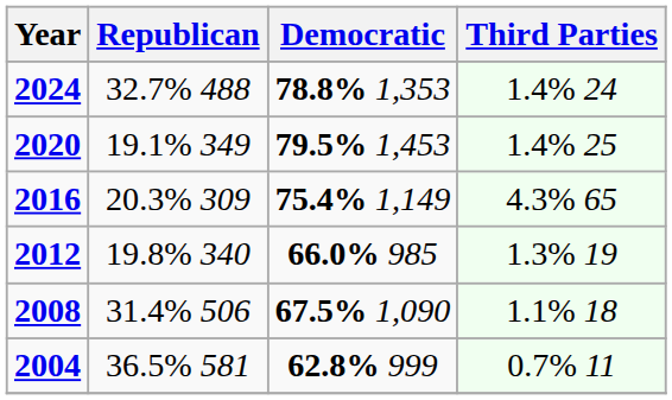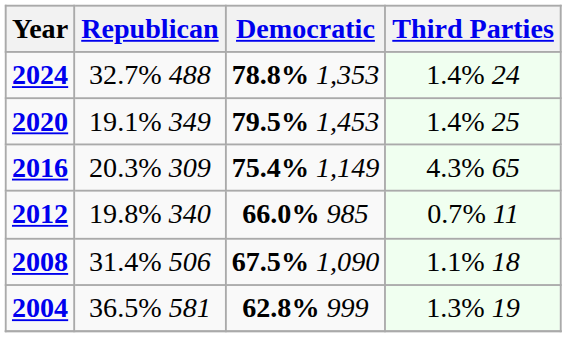 <table class="wikitable" style="float:right; font-size:95%;">
 <tr bgcolor=lightgrey>
 <th>Year</th>
 <th><a href='#'>Republican</a></th>
 <th><a href='#'>Democratic</a></th>
 <th><a href='#'>Third Parties</a></th>
 </tr>
 <tr>
 <td style="text-align:center; "><strong><a href='#'>2024</a></strong></td>
 <td style="text-align:center; ">32.7% <em>488</em></td>
 <td style="text-align:center; "><strong>78.8%</strong>  <em>1,353</em></td>
 <td style="text-align:center; background:honeyDew;">1.4% <em>24</em></td>
 </tr>
 <tr>
 <td style="text-align:center; "><strong><a href='#'>2020</a></strong></td>
 <td style="text-align:center; ">19.1% <em>349</em></td>
 <td style="text-align:center; "><strong>79.5%</strong>  <em>1,453</em></td>
 <td style="text-align:center; background:honeyDew;">1.4% <em>25</em></td>
 </tr>
 <tr>
 <td style="text-align:center; "><strong><a href='#'>2016</a></strong></td>
 <td style="text-align:center; ">20.3% <em>309</em></td>
 <td style="text-align:center; "><strong>75.4%</strong>  <em>1,149</em></td>
 <td style="text-align:center; background:honeyDew;">4.3% <em>65</em></td>
 </tr>
 <tr>
 <td style="text-align:center; "><strong><a href='#'>2012</a></strong></td>
 <td style="text-align:center; ">19.8% <em>340</em></td>
 <td style="text-align:center; "><strong>66.0%</strong>  <em>985</em></td>
-<td style="text-align:center; background:honeyDew;">1.3% <em>19</em></td>
+<td style="text-align:center; background:honeyDew;">0.7% <em>11</em></td>
 </tr>
 <tr>
 <td style="text-align:center; "><strong><a href='#'>2008</a></strong></td>
 <td style="text-align:center; ">31.4% <em>506</em></td>
 <td style="text-align:center; "><strong>67.5%</strong>  <em>1,090</em></td>
 <td style="text-align:center; background:honeyDew;">1.1% <em>18</em></td>
 </tr>
 <tr>
 <td style="text-align:center; "><strong><a href='#'>2004</a></strong></td>
 <td style="text-align:center; ">36.5% <em>581</em></td>
 <td style="text-align:center; "><strong>62.8%</strong>  <em>999</em></td>
-<td style="text-align:center; background:honeyDew;">0.7% <em>11</em></td>
+<td style="text-align:center; background:honeyDew;">1.3% <em>19</em></td>
 </tr>
 <tr>
 </tr>
 </table>
